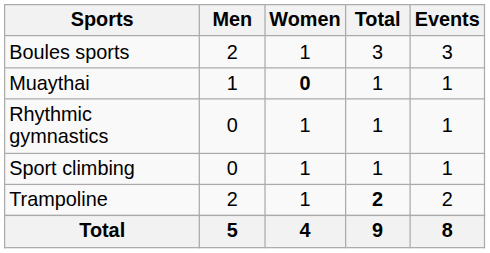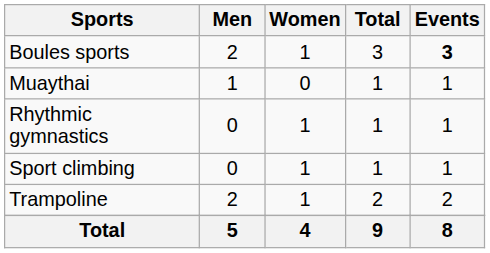 <table class="wikitable sortable" style="text-align:center;">
 <tr>
 <th width=150>Sports</th>
 <th width=45>Men</th>
 <th width=45>Women</th>
 <th width=45>Total</th>
 <th width=45>Events</th>
 </tr>
 <tr>
 <td align=left>Boules sports</td>
 <td>2</td>
 <td>1</td>
 <td>3</td>
-<td>3</td>
+<td><strong>3</strong></td>
 </tr>
 <tr>
 <td align=left>Muaythai</td>
 <td>1</td>
-<td><strong>0</strong></td>
+<td>0</td>
 <td>1</td>
 <td>1</td>
 </tr>
 <tr>
 <td align=left>Rhythmic gymnastics</td>
 <td>0</td>
 <td>1</td>
 <td>1</td>
 <td>1</td>
 </tr>
 <tr>
 <td align=left>Sport climbing</td>
 <td>0</td>
 <td>1</td>
 <td>1</td>
 <td>1</td>
 </tr>
 <tr>
 <td align=left>Trampoline</td>
 <td>2</td>
 <td>1</td>
-<td><strong>2</strong></td>
+<td>2</td>
 <td>2</td>
 </tr>
 <tr>
 </tr>
 <tr class="sortbottom">
 <th>Total</th>
 <th>5</th>
 <th>4</th>
 <th>9</th>
 <th>8</th>
 </tr>
 </table>
